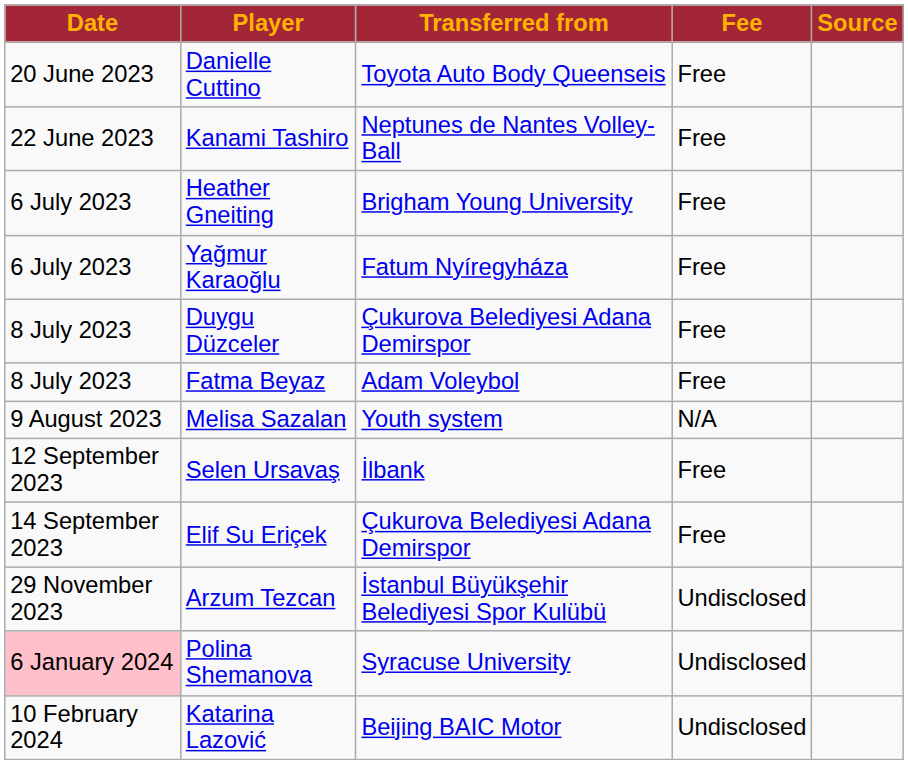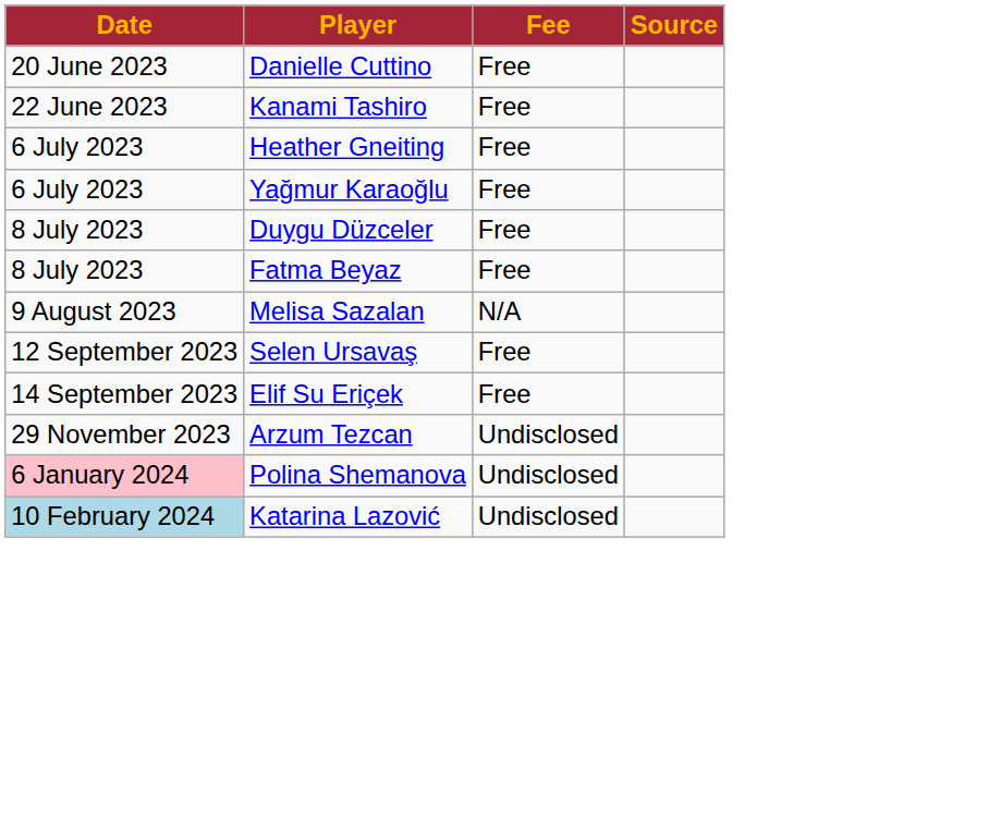 <table class="wikitable plainrowheaders sortable">
 <tr>
 <th style="background:#A32638; color:#FFB300; ">Date</th>
 <th style="background:#A32638; color:#FFB300; ">Player</th>
-<th style="background:#A32638; color:#FFB300; ">Transferred from</th>
 <th style="background:#A32638; color:#FFB300; ">Fee</th>
 <th style="background:#A32638; color:#FFB300; ">Source</th>
 </tr>
 <tr>
 <td>20 June 2023</td>
 <td align=left> <a href='#'>Danielle Cuttino</a></td>
-<td align=left> <a href='#'>Toyota Auto Body Queenseis</a></td>
 <td>Free</td>
 <td></td>
 </tr>
 <tr>
 <td>22 June 2023</td>
 <td align=left> <a href='#'>Kanami Tashiro</a></td>
-<td align=left> <a href='#'>Neptunes de Nantes Volley-Ball</a></td>
 <td>Free</td>
 <td></td>
 </tr>
 <tr>
 <td>6 July 2023</td>
 <td align=left> <a href='#'>Heather Gneiting</a></td>
-<td align=left> <a href='#'>Brigham Young University</a></td>
 <td>Free</td>
 <td></td>
 </tr>
 <tr>
 <td>6 July 2023</td>
 <td align=left> <a href='#'>Yağmur Karaoğlu</a></td>
-<td align=left> <a href='#'>Fatum Nyíregyháza</a></td>
 <td>Free</td>
 <td></td>
 </tr>
 <tr>
 <td>8 July 2023</td>
 <td align=left> <a href='#'>Duygu Düzceler</a></td>
-<td align=left> <a href='#'>Çukurova Belediyesi Adana Demirspor</a></td>
 <td>Free</td>
 <td></td>
 </tr>
 <tr>
 <td>8 July 2023</td>
 <td align=left> <a href='#'>Fatma Beyaz</a></td>
-<td align=left> <a href='#'>Adam Voleybol</a></td>
 <td>Free</td>
 <td></td>
 </tr>
 <tr>
 <td>9 August 2023</td>
 <td align=left> <a href='#'>Melisa Sazalan</a></td>
-<td align=left><a href='#'>Youth system</a></td>
 <td>N/A</td>
 <td></td>
 </tr>
 <tr>
 <td>12 September 2023</td>
 <td align=left> <a href='#'>Selen Ursavaş</a></td>
-<td align=left> <a href='#'>İlbank</a></td>
 <td>Free</td>
 <td></td>
 </tr>
 <tr>
 <td>14 September 2023</td>
 <td align=left> <a href='#'>Elif Su Eriçek</a></td>
-<td align=left> <a href='#'>Çukurova Belediyesi Adana Demirspor</a></td>
 <td>Free</td>
 <td></td>
 </tr>
 <tr>
 <td>29 November 2023</td>
 <td align=left> <a href='#'>Arzum Tezcan</a></td>
-<td align=left> <a href='#'>İstanbul Büyükşehir Belediyesi Spor Kulübü</a></td>
 <td>Undisclosed</td>
 <td></td>
 </tr>
 <tr>
 <td style="background: pink;">6 January 2024</td>
 <td align=left> <a href='#'>Polina Shemanova</a></td>
-<td align=left> <a href='#'>Syracuse University</a></td>
 <td>Undisclosed</td>
 <td></td>
 </tr>
 <tr>
-<td>10 February 2024</td>
+<td style="background: lightblue;">10 February 2024</td>
 <td align=left> <a href='#'>Katarina Lazović</a></td>
-<td align=left> <a href='#'>Beijing BAIC Motor</a></td>
 <td>Undisclosed</td>
 <td></td>
 </tr>
 </table>
